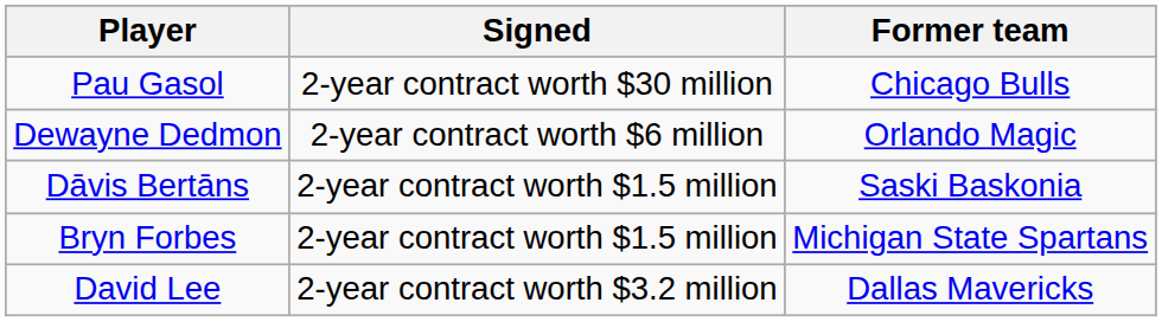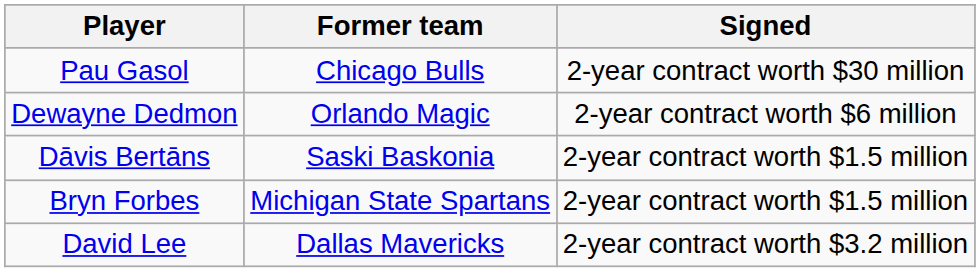 <table class="wikitable sortable sortable" style="text-align: center">
 <tr>
 <th>Player</th>
+<th>Former team</th>
 <th>Signed</th>
-<th>Former team</th>
 </tr>
 <tr style="text-align: center">
 <td><a href='#'>Pau Gasol</a></td>
+<td><a href='#'>Chicago Bulls</a></td>
 <td>2-year contract worth $30 million</td>
-<td><a href='#'>Chicago Bulls</a></td>
 </tr>
 <tr style="text-align: center">
 <td><a href='#'>Dewayne Dedmon</a></td>
+<td><a href='#'>Orlando Magic</a></td>
 <td>2-year contract worth $6 million</td>
-<td><a href='#'>Orlando Magic</a></td>
 </tr>
 <tr style="text-align: center">
 <td><a href='#'>Dāvis Bertāns</a></td>
+<td> <a href='#'>Saski Baskonia</a></td>
 <td>2-year contract worth $1.5 million</td>
-<td> <a href='#'>Saski Baskonia</a></td>
 </tr>
 <tr style="text-align: center">
 <td><a href='#'>Bryn Forbes</a></td>
+<td><a href='#'>Michigan State Spartans</a></td>
 <td>2-year contract worth $1.5 million</td>
-<td><a href='#'>Michigan State Spartans</a></td>
 </tr>
 <tr style="text-align: center">
 <td><a href='#'>David Lee</a></td>
+<td><a href='#'>Dallas Mavericks</a></td>
 <td>2-year contract worth $3.2 million</td>
-<td><a href='#'>Dallas Mavericks</a></td>
 </tr>
 </table>
